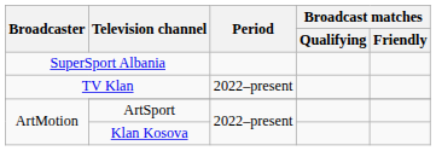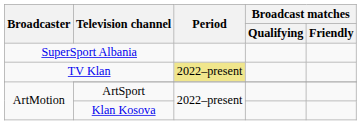 <table class="wikitable" style="text-align:center">
 <tr>
 <th rowspan="2">Broadcaster</th>
 <th rowspan="2">Television channel</th>
 <th rowspan="2">Period</th>
 <th colspan="2">Broadcast matches</th>
 </tr>
 <tr>
 <th>Qualifying</th>
 <th>Friendly</th>
 </tr>
 <tr>
 <td colspan=2> <a href='#'>SuperSport Albania</a></td>
 <td></td>
 <td></td>
 <td></td>
 </tr>
 <tr>
 <td colspan=2> <a href='#'>TV Klan</a></td>
-<td>2022–present</td>
+<td style="background: khaki;">2022–present</td>
 <td></td>
 <td></td>
 </tr>
 <tr>
 <td rowspan="3"> ArtMotion</td>
 </tr>
 <tr>
 <td> ArtSport</td>
 <td rowspan="2">2022–present</td>
 <td></td>
 <td></td>
 </tr>
 <tr>
 <td> <a href='#'>Klan Kosova</a></td>
 <td></td>
 <td></td>
 </tr>
 </table>
